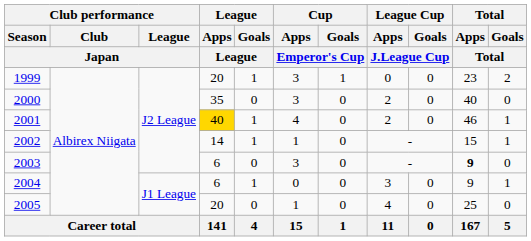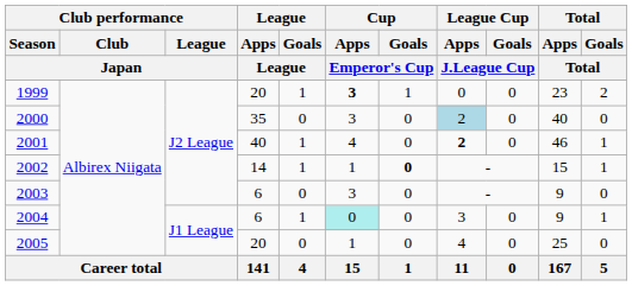 <table class="wikitable" style="text-align:center">
 <tr>
 <th colspan=3>Club performance</th>
 <th colspan=2>League</th>
 <th colspan=2>Cup</th>
 <th colspan=2>League Cup</th>
 <th colspan=2>Total</th>
 </tr>
 <tr>
 <th>Season</th>
 <th>Club</th>
 <th>League</th>
 <th>Apps</th>
 <th>Goals</th>
 <th>Apps</th>
 <th>Goals</th>
 <th>Apps</th>
 <th>Goals</th>
 <th>Apps</th>
 <th>Goals</th>
 </tr>
 <tr>
 <th colspan=3>Japan</th>
 <th colspan=2>League</th>
 <th colspan=2><a href='#'>Emperor's Cup</a></th>
 <th colspan=2><a href='#'>J.League Cup</a></th>
 <th colspan=2>Total</th>
 </tr>
 <tr>
 <td><a href='#'>1999</a></td>
 <td rowspan="7"><a href='#'>Albirex Niigata</a></td>
 <td rowspan="5"><a href='#'>J2 League</a></td>
 <td>20</td>
 <td>1</td>
-<td>3</td>
+<td><strong>3</strong></td>
 <td>1</td>
 <td>0</td>
 <td>0</td>
 <td>23</td>
 <td>2</td>
 </tr>
 <tr>
 <td><a href='#'>2000</a></td>
 <td>35</td>
 <td>0</td>
 <td>3</td>
 <td>0</td>
-<td>2</td>
+<td style="background: lightblue;">2</td>
 <td>0</td>
 <td>40</td>
 <td>0</td>
 </tr>
 <tr>
 <td><a href='#'>2001</a></td>
-<td style="background: gold;">40</td>
+<td>40</td>
 <td>1</td>
 <td>4</td>
 <td>0</td>
-<td>2</td>
+<td><strong>2</strong></td>
 <td>0</td>
 <td>46</td>
 <td>1</td>
 </tr>
 <tr>
 <td><a href='#'>2002</a></td>
 <td>14</td>
 <td>1</td>
 <td>1</td>
-<td>0</td>
+<td><strong>0</strong></td>
 <td colspan="2">-</td>
 <td>15</td>
 <td>1</td>
 </tr>
 <tr>
 <td><a href='#'>2003</a></td>
 <td>6</td>
 <td>0</td>
 <td>3</td>
 <td>0</td>
 <td colspan="2">-</td>
-<td><strong>9</strong></td>
+<td>9</td>
 <td>0</td>
 </tr>
 <tr>
 <td><a href='#'>2004</a></td>
 <td rowspan="2"><a href='#'>J1 League</a></td>
 <td>6</td>
 <td>1</td>
-<td>0</td>
+<td style="background: paleturquoise;">0</td>
 <td>0</td>
 <td>3</td>
 <td>0</td>
 <td>9</td>
 <td>1</td>
 </tr>
 <tr>
 <td><a href='#'>2005</a></td>
 <td>20</td>
 <td>0</td>
 <td>1</td>
 <td>0</td>
 <td>4</td>
 <td>0</td>
 <td>25</td>
 <td>0</td>
 </tr>
 <tr>
 <th colspan=3>Career total</th>
 <th>141</th>
 <th>4</th>
 <th>15</th>
 <th>1</th>
 <th>11</th>
 <th>0</th>
 <th>167</th>
 <th>5</th>
 </tr>
 </table>
